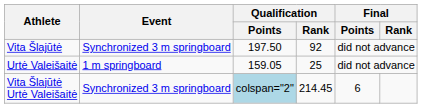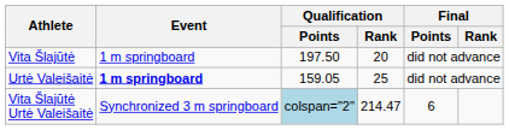 <table class="wikitable" style="text-align: center; font-size:90%">
 <tr>
 <th rowspan="2">Athlete</th>
 <th rowspan="2">Event</th>
 <th colspan="2">Qualification</th>
 <th colspan="2">Final</th>
 </tr>
 <tr>
 <th>Points</th>
 <th>Rank</th>
 <th>Points</th>
 <th>Rank</th>
 </tr>
 <tr>
 <td align="left"><a href='#'>Vita Šlajūtė</a></td>
-<td align="left"><a href='#'>Synchronized 3 m springboard</a></td>
+<td align="left"><a href='#'>1 m springboard</a></td>
 <td>197.50</td>
-<td>92</td>
+<td>20</td>
 <td colspan=2>did not advance</td>
 </tr>
 <tr>
 <td align="left"><a href='#'>Urtė Valeišaitė</a></td>
-<td align="left"><a href='#'>1 m springboard</a></td>
+<td align="left"><strong><a href='#'>1 m springboard</a></strong></td>
 <td>159.05</td>
 <td>25</td>
 <td colspan=2>did not advance</td>
 </tr>
 <tr>
 <td align="left"><a href='#'>Vita Šlajūtė</a><br><a href='#'>Urtė Valeišaitė</a></td>
 <td align="left"><a href='#'>Synchronized 3 m springboard</a></td>
 <td style="background: lightblue;">colspan="2" </td>
-<td>214.45</td>
+<td>214.47</td>
 <td>6</td>
 </tr>
 </table>
